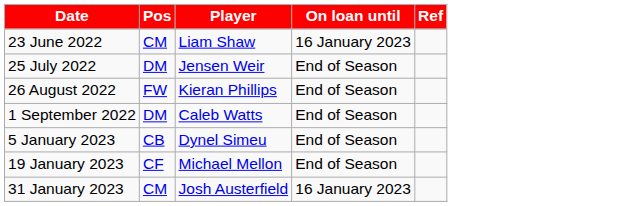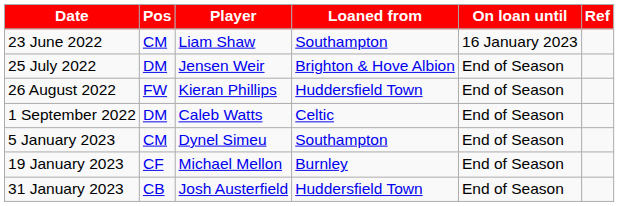 <table class="wikitable plainrowheaders sortable">
 <tr>
 <th style="background:#FF0000; color:#ffffff; ">Date</th>
 <th style="background:#FF0000; color:#ffffff; ">Pos</th>
 <th style="background:#FF0000; color:#ffffff; ">Player</th>
+<th style="background:#FF0000; color:#ffffff; ">Loaned from</th>
 <th style="background:#FF0000; color:#ffffff; ">On loan until</th>
 <th style="background:#FF0000; color:#ffffff; ">Ref</th>
 </tr>
 <tr>
 <td>23 June 2022</td>
 <td><a href='#'>CM</a></td>
 <td> <a href='#'>Liam Shaw</a></td>
+<td> <a href='#'>Southampton</a></td>
 <td>16 January 2023</td>
 <td></td>
 </tr>
 <tr>
 <td>25 July 2022</td>
 <td><a href='#'>DM</a></td>
 <td> <a href='#'>Jensen Weir</a></td>
+<td> <a href='#'>Brighton & Hove Albion</a></td>
 <td>End of Season</td>
 <td></td>
 </tr>
 <tr>
 <td>26 August 2022</td>
 <td><a href='#'>FW</a></td>
 <td> <a href='#'>Kieran Phillips</a></td>
+<td> <a href='#'>Huddersfield Town</a></td>
 <td>End of Season</td>
 <td></td>
 </tr>
 <tr>
 <td>1 September 2022</td>
 <td><a href='#'>DM</a></td>
 <td> <a href='#'>Caleb Watts</a></td>
+<td> <a href='#'>Celtic</a></td>
 <td>End of Season</td>
 <td></td>
 </tr>
 <tr>
 <td>5 January 2023</td>
-<td><a href='#'>CB</a></td>
+<td><a href='#'>CM</a></td>
 <td> <a href='#'>Dynel Simeu</a></td>
+<td> <a href='#'>Southampton</a></td>
 <td>End of Season</td>
 <td></td>
 </tr>
 <tr>
 <td>19 January 2023</td>
 <td><a href='#'>CF</a></td>
 <td> <a href='#'>Michael Mellon</a></td>
+<td> <a href='#'>Burnley</a></td>
 <td>End of Season</td>
 <td></td>
 </tr>
 <tr>
 <td>31 January 2023</td>
-<td><a href='#'>CM</a></td>
+<td><a href='#'>CB</a></td>
 <td> <a href='#'>Josh Austerfield</a></td>
-<td>16 January 2023</td>
+<td> <a href='#'>Huddersfield Town</a></td>
+<td>End of Season</td>
 <td></td>
 </tr>
 </table>
